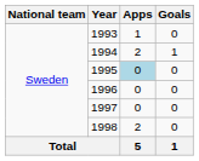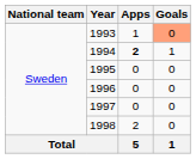 <table class="wikitable" style="text-align:center">
 <tr>
 <th>National team</th>
 <th>Year</th>
 <th>Apps</th>
 <th>Goals</th>
 </tr>
 <tr>
 <td rowspan="6"><a href='#'>Sweden</a></td>
 <td>1993</td>
 <td>1</td>
-<td>0</td>
+<td style="background: lightsalmon;">0</td>
 </tr>
 <tr>
 <td>1994</td>
-<td>2</td>
+<td><strong>2</strong></td>
 <td>1</td>
 </tr>
 <tr>
 <td>1995</td>
-<td style="background: lightblue;">0</td>
+<td>0</td>
 <td>0</td>
 </tr>
 <tr>
 <td>1996</td>
 <td>0</td>
 <td>0</td>
 </tr>
 <tr>
 <td>1997</td>
 <td>0</td>
 <td>0</td>
 </tr>
 <tr>
 <td>1998</td>
 <td>2</td>
 <td>0</td>
 </tr>
 <tr>
 <th colspan="2">Total</th>
 <th>5</th>
 <th>1</th>
 </tr>
 </table>
